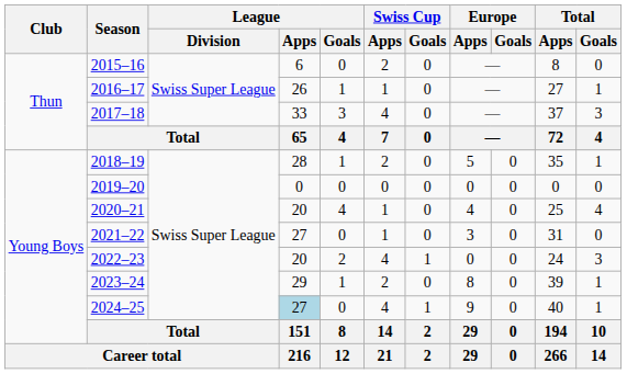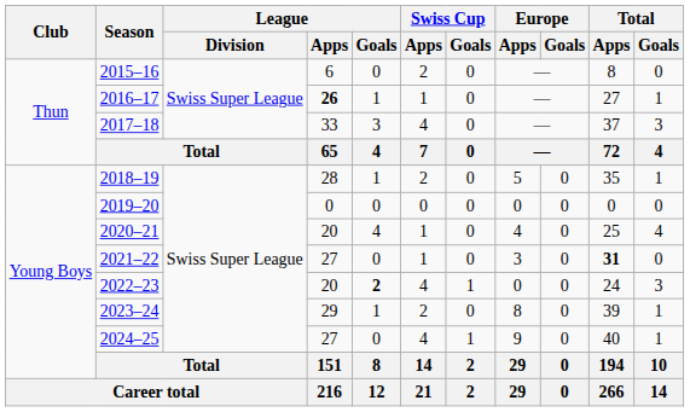 <table class="wikitable" style="text-align:center">
 <tr>
 <th rowspan="2">Club</th>
 <th rowspan="2">Season</th>
 <th colspan="3">League</th>
 <th colspan="2"><a href='#'>Swiss Cup</a></th>
 <th colspan="2">Europe</th>
 <th colspan="2">Total</th>
 </tr>
 <tr>
 <th>Division</th>
 <th>Apps</th>
 <th>Goals</th>
 <th>Apps</th>
 <th>Goals</th>
 <th>Apps</th>
 <th>Goals</th>
 <th>Apps</th>
 <th>Goals</th>
 </tr>
 <tr>
 <td rowspan="4"><a href='#'>Thun</a></td>
 <td><a href='#'>2015–16</a></td>
 <td rowspan="3"><a href='#'>Swiss Super League</a></td>
 <td>6</td>
 <td>0</td>
 <td>2</td>
 <td>0</td>
 <td colspan="2">—</td>
 <td>8</td>
 <td>0</td>
 </tr>
 <tr>
 <td><a href='#'>2016–17</a></td>
-<td>26</td>
+<td><strong>26</strong></td>
 <td>1</td>
 <td>1</td>
 <td>0</td>
 <td colspan="2">—</td>
 <td>27</td>
 <td>1</td>
 </tr>
 <tr>
 <td><a href='#'>2017–18</a></td>
 <td>33</td>
 <td>3</td>
 <td>4</td>
 <td>0</td>
 <td colspan="2">—</td>
 <td>37</td>
 <td>3</td>
 </tr>
 <tr>
 <th colspan="2">Total</th>
 <th>65</th>
 <th>4</th>
 <th>7</th>
 <th>0</th>
 <th colspan="2">—</th>
 <th>72</th>
 <th>4</th>
 </tr>
 <tr>
 <td rowspan="8"><a href='#'>Young Boys</a></td>
 <td><a href='#'>2018–19</a></td>
 <td rowspan="7">Swiss Super League</td>
 <td>28</td>
 <td>1</td>
 <td>2</td>
 <td>0</td>
 <td>5</td>
 <td>0</td>
 <td>35</td>
 <td>1</td>
 </tr>
 <tr>
 <td><a href='#'>2019–20</a></td>
 <td>0</td>
 <td>0</td>
 <td>0</td>
 <td>0</td>
 <td>0</td>
 <td>0</td>
 <td>0</td>
 <td>0</td>
 </tr>
 <tr>
 <td><a href='#'>2020–21</a></td>
 <td>20</td>
 <td>4</td>
 <td>1</td>
 <td>0</td>
 <td>4</td>
 <td>0</td>
 <td>25</td>
 <td>4</td>
 </tr>
 <tr>
 <td><a href='#'>2021–22</a></td>
 <td>27</td>
 <td>0</td>
 <td>1</td>
 <td>0</td>
 <td>3</td>
 <td>0</td>
-<td>31</td>
+<td><strong>31</strong></td>
 <td>0</td>
 </tr>
 <tr>
 <td><a href='#'>2022–23</a></td>
 <td>20</td>
-<td>2</td>
+<td><strong>2</strong></td>
 <td>4</td>
 <td>1</td>
 <td>0</td>
 <td>0</td>
 <td>24</td>
 <td>3</td>
 </tr>
 <tr>
 <td><a href='#'>2023–24</a></td>
 <td>29</td>
 <td>1</td>
 <td>2</td>
 <td>0</td>
 <td>8</td>
 <td>0</td>
 <td>39</td>
 <td>1</td>
 </tr>
 <tr>
 <td><a href='#'>2024–25</a></td>
-<td style="background: lightblue;">27</td>
+<td>27</td>
 <td>0</td>
 <td>4</td>
 <td>1</td>
 <td>9</td>
 <td>0</td>
 <td>40</td>
 <td>1</td>
 </tr>
 <tr>
 <th colspan="2">Total</th>
 <th>151</th>
 <th>8</th>
 <th>14</th>
 <th>2</th>
 <th>29</th>
 <th>0</th>
 <th>194</th>
 <th>10</th>
 </tr>
 <tr>
 <th colspan="3">Career total</th>
 <th>216</th>
 <th>12</th>
 <th>21</th>
 <th>2</th>
 <th>29</th>
 <th>0</th>
 <th>266</th>
 <th>14</th>
 </tr>
 </table>
